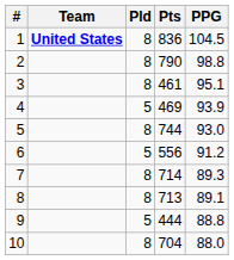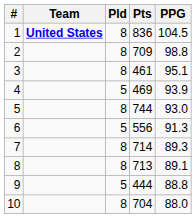 <table class=wikitable style="text-align:right; display:inline-table;">
 <tr>
 <th>#</th>
 <th>Team</th>
 <th>Pld</th>
 <th>Pts</th>
 <th>PPG</th>
 </tr>
 <tr>
 <td>1</td>
 <td align=left><strong> <a href='#'>United States</a></strong></td>
 <td>8</td>
 <td>836</td>
 <td>104.5</td>
 </tr>
 <tr>
 <td>2</td>
 <td align=left></td>
 <td>8</td>
-<td>790</td>
+<td>709</td>
 <td>98.8</td>
 </tr>
 <tr>
 <td>3</td>
 <td align=left></td>
 <td>8</td>
 <td>461</td>
 <td>95.1</td>
 </tr>
 <tr>
 <td>4</td>
 <td align=left></td>
 <td>5</td>
 <td>469</td>
 <td>93.9</td>
 </tr>
 <tr>
 <td>5</td>
 <td align=left></td>
 <td>8</td>
 <td>744</td>
 <td>93.0</td>
 </tr>
 <tr>
 <td>6</td>
 <td align=left></td>
 <td>5</td>
 <td>556</td>
-<td>91.2</td>
+<td>91.3</td>
 </tr>
 <tr>
 <td>7</td>
 <td align=left></td>
 <td>8</td>
 <td>714</td>
 <td>89.3</td>
 </tr>
 <tr>
 <td>8</td>
 <td align=left></td>
 <td>8</td>
 <td>713</td>
 <td>89.1</td>
 </tr>
 <tr>
 <td>9</td>
 <td align=left></td>
 <td>5</td>
 <td>444</td>
 <td>88.8</td>
 </tr>
 <tr>
 <td>10</td>
 <td align=left></td>
 <td>8</td>
 <td>704</td>
 <td>88.0</td>
 </tr>
 </table>
